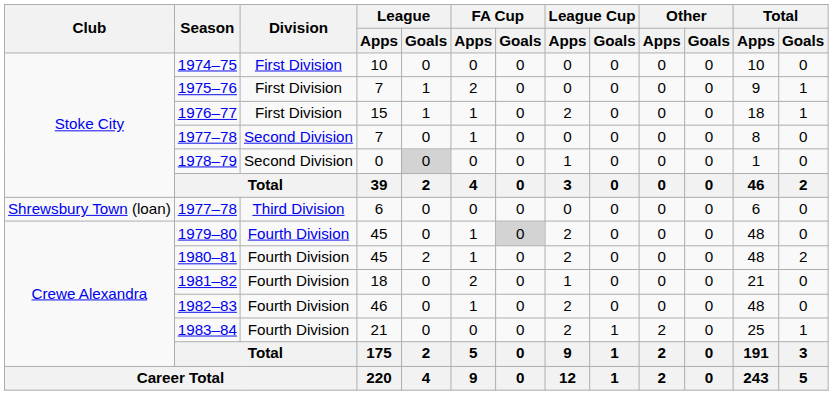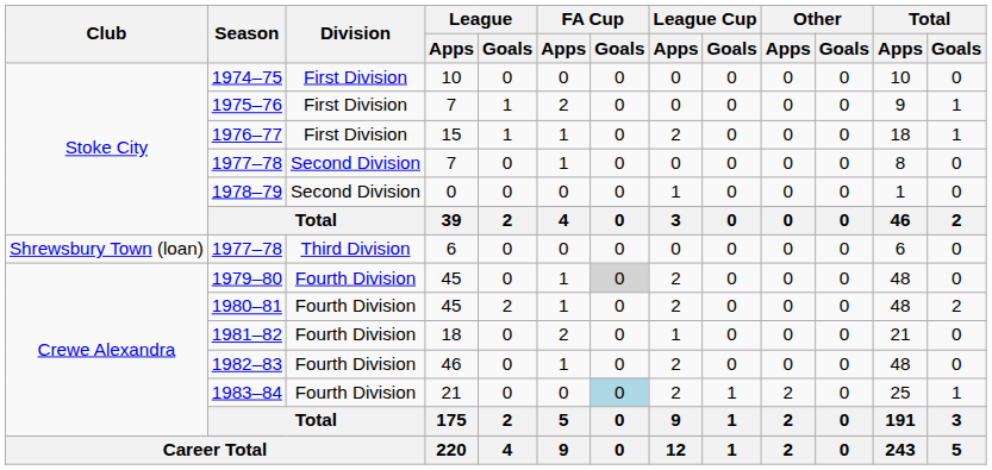 <table class="wikitable" style="text-align: center;">
 <tr>
 <th rowspan="2">Club</th>
 <th rowspan="2">Season</th>
 <th rowspan="2">Division</th>
 <th colspan="2">League</th>
 <th colspan="2">FA Cup</th>
 <th colspan="2">League Cup</th>
 <th colspan="2">Other</th>
 <th colspan="2">Total</th>
 </tr>
 <tr>
 <th>Apps</th>
 <th>Goals</th>
 <th>Apps</th>
 <th>Goals</th>
 <th>Apps</th>
 <th>Goals</th>
 <th>Apps</th>
 <th>Goals</th>
 <th>Apps</th>
 <th>Goals</th>
 </tr>
 <tr>
 <td rowspan="6"><a href='#'>Stoke City</a></td>
 <td><a href='#'>1974–75</a></td>
 <td><a href='#'>First Division</a></td>
 <td>10</td>
 <td>0</td>
 <td>0</td>
 <td>0</td>
 <td>0</td>
 <td>0</td>
 <td>0</td>
 <td>0</td>
 <td>10</td>
 <td>0</td>
 </tr>
 <tr>
 <td><a href='#'>1975–76</a></td>
 <td>First Division</td>
 <td>7</td>
 <td>1</td>
 <td>2</td>
 <td>0</td>
 <td>0</td>
 <td>0</td>
 <td>0</td>
 <td>0</td>
 <td>9</td>
 <td>1</td>
 </tr>
 <tr>
 <td><a href='#'>1976–77</a></td>
 <td>First Division</td>
 <td>15</td>
 <td>1</td>
 <td>1</td>
 <td>0</td>
 <td>2</td>
 <td>0</td>
 <td>0</td>
 <td>0</td>
 <td>18</td>
 <td>1</td>
 </tr>
 <tr>
 <td><a href='#'>1977–78</a></td>
 <td><a href='#'>Second Division</a></td>
 <td>7</td>
 <td>0</td>
 <td>1</td>
 <td>0</td>
 <td>0</td>
 <td>0</td>
 <td>0</td>
 <td>0</td>
 <td>8</td>
 <td>0</td>
 </tr>
 <tr>
 <td><a href='#'>1978–79</a></td>
 <td>Second Division</td>
 <td>0</td>
-<td style="background: lightgrey;">0</td>
+<td>0</td>
 <td>0</td>
 <td>0</td>
 <td>1</td>
 <td>0</td>
 <td>0</td>
 <td>0</td>
 <td>1</td>
 <td>0</td>
 </tr>
 <tr>
 <th colspan="2">Total</th>
 <th>39</th>
 <th>2</th>
 <th>4</th>
 <th>0</th>
 <th>3</th>
 <th>0</th>
 <th>0</th>
 <th>0</th>
 <th>46</th>
 <th>2</th>
 </tr>
 <tr>
 <td><a href='#'>Shrewsbury Town</a> (loan)</td>
 <td><a href='#'>1977–78</a></td>
 <td><a href='#'>Third Division</a></td>
 <td>6</td>
 <td>0</td>
 <td>0</td>
 <td>0</td>
 <td>0</td>
 <td>0</td>
 <td>0</td>
 <td>0</td>
 <td>6</td>
 <td>0</td>
 </tr>
 <tr>
 <td rowspan="6"><a href='#'>Crewe Alexandra</a></td>
 <td><a href='#'>1979–80</a></td>
 <td><a href='#'>Fourth Division</a></td>
 <td>45</td>
 <td>0</td>
 <td>1</td>
 <td style="background: lightgrey;">0</td>
 <td>2</td>
 <td>0</td>
 <td>0</td>
 <td>0</td>
 <td>48</td>
 <td>0</td>
 </tr>
 <tr>
 <td><a href='#'>1980–81</a></td>
 <td>Fourth Division</td>
 <td>45</td>
 <td>2</td>
 <td>1</td>
 <td>0</td>
 <td>2</td>
 <td>0</td>
 <td>0</td>
 <td>0</td>
 <td>48</td>
 <td>2</td>
 </tr>
 <tr>
 <td><a href='#'>1981–82</a></td>
 <td>Fourth Division</td>
 <td>18</td>
 <td>0</td>
 <td>2</td>
 <td>0</td>
 <td>1</td>
 <td>0</td>
 <td>0</td>
 <td>0</td>
 <td>21</td>
 <td>0</td>
 </tr>
 <tr>
 <td><a href='#'>1982–83</a></td>
 <td>Fourth Division</td>
 <td>46</td>
 <td>0</td>
 <td>1</td>
 <td>0</td>
 <td>2</td>
 <td>0</td>
 <td>0</td>
 <td>0</td>
 <td>48</td>
 <td>0</td>
 </tr>
 <tr>
 <td><a href='#'>1983–84</a></td>
 <td>Fourth Division</td>
 <td>21</td>
 <td>0</td>
 <td>0</td>
-<td>0</td>
+<td style="background: lightblue;">0</td>
 <td>2</td>
 <td>1</td>
 <td>2</td>
 <td>0</td>
 <td>25</td>
 <td>1</td>
 </tr>
 <tr>
 <th colspan="2">Total</th>
 <th>175</th>
 <th>2</th>
 <th>5</th>
 <th>0</th>
 <th>9</th>
 <th>1</th>
 <th>2</th>
 <th>0</th>
 <th>191</th>
 <th>3</th>
 </tr>
 <tr>
 <th colspan="3">Career Total</th>
 <th>220</th>
 <th>4</th>
 <th>9</th>
 <th>0</th>
 <th>12</th>
 <th>1</th>
 <th>2</th>
 <th>0</th>
 <th>243</th>
 <th>5</th>
 </tr>
 </table>
